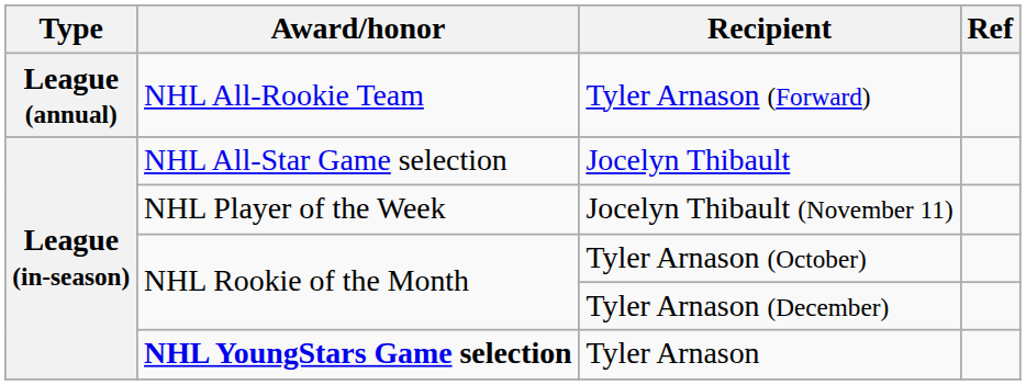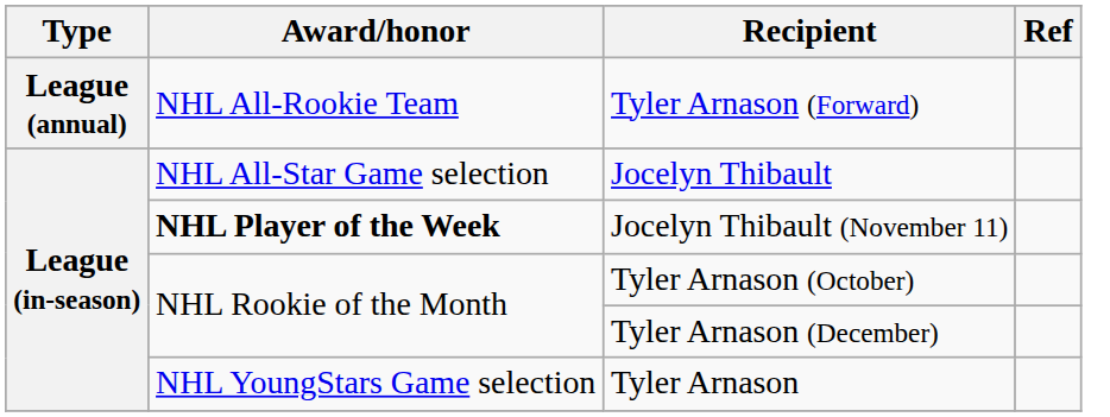 <table class="wikitable">
 <tr>
 <th scope="col">Type</th>
 <th scope="col">Award/honor</th>
 <th scope="col">Recipient</th>
 <th scope="col">Ref</th>
 </tr>
 <tr>
 <th scope="row">League<br><small>(annual)</small></th>
 <td><a href='#'>NHL All-Rookie Team</a></td>
 <td><a href='#'>Tyler Arnason</a> <small>(<a href='#'>Forward</a>)</small></td>
 <td></td>
 </tr>
 <tr>
 <th scope="row" rowspan="5">League<br><small>(in-season)</small></th>
 <td><a href='#'>NHL All-Star Game</a> selection</td>
 <td><a href='#'>Jocelyn Thibault</a></td>
 <td></td>
 </tr>
 <tr>
-<td>NHL Player of the Week</td>
+<td><strong>NHL Player of the Week</strong></td>
 <td>Jocelyn Thibault <small>(November 11)</small></td>
 <td></td>
 </tr>
 <tr>
 <td rowspan="2">NHL Rookie of the Month</td>
 <td>Tyler Arnason <small>(October)</small></td>
 <td></td>
 </tr>
 <tr>
 <td>Tyler Arnason <small>(December)</small></td>
 <td></td>
 </tr>
 <tr>
-<td><strong><a href='#'>NHL YoungStars Game</a> selection</strong></td>
+<td><a href='#'>NHL YoungStars Game</a> selection</td>
 <td>Tyler Arnason</td>
 <td></td>
 </tr>
 </table>
